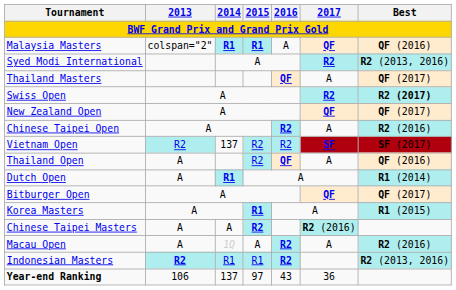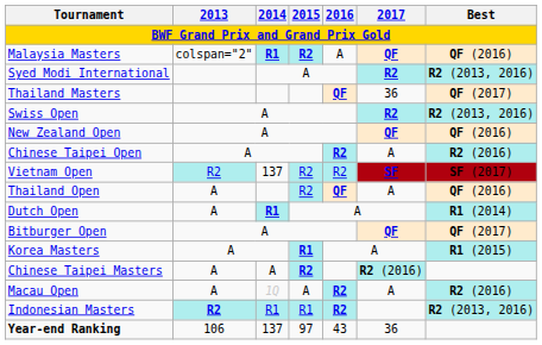 <table style='font-size: 90%; text-align:center;' class='wikitable'>
 <tr>
 <th>Tournament</th>
 <th><a href='#'>2013</a></th>
 <th><a href='#'>2014</a></th>
 <th><a href='#'>2015</a></th>
 <th><a href='#'>2016</a></th>
 <th><a href='#'>2017</a></th>
 <th>Best</th>
 </tr>
 <tr bgcolor=FFD700>
 <td colspan="7" align=center><strong><a href='#'>BWF Grand Prix and Grand Prix Gold</a></strong></td>
 </tr>
 <tr>
 <td align=left> <a href='#'>Malaysia Masters</a></td>
 <td>colspan="2" </td>
 <td bgcolor=AFEEEE><a href='#'><strong>R1</strong></a></td>
-<td bgcolor=AFEEEE><a href='#'><strong>R1</strong></a></td>
+<td bgcolor=AFEEEE><a href='#'><strong>R2</strong></a></td>
 <td>A</td>
 <td bgcolor=FFEBCD><a href='#'><strong>QF</strong></a></td>
 <td bgcolor=FFEBCD><strong>QF</strong> (2016)</td>
 </tr>
 <tr>
 <td align=left> <a href='#'>Syed Modi International</a></td>
 <td></td>
 <td colspan="3">A</td>
 <td bgcolor=AFEEEE><a href='#'><strong>R2</strong></a></td>
 <td bgcolor=AFEEEE><strong>R2</strong> (2013, 2016)</td>
 </tr>
 <tr>
 <td align=left> <a href='#'>Thailand Masters</a></td>
 <td></td>
 <td></td>
 <td></td>
 <td bgcolor=FFEBCD><a href='#'><strong>QF</strong></a></td>
-<td>A</td>
+<td align=center>36</td>
 <td bgcolor=FFEBCD><strong>QF</strong> (2017)</td>
 </tr>
 <tr>
 <td align=left> <a href='#'>Swiss Open</a></td>
 <td colspan="4">A</td>
 <td bgcolor=AFEEEE><a href='#'><strong>R2</strong></a></td>
-<td bgcolor=AFEEEE><strong>R2 (2017)</strong></td>
+<td bgcolor=AFEEEE><strong>R2</strong> (2013, 2016)</td>
 </tr>
 <tr>
 <td align=left> <a href='#'>New Zealand Open</a></td>
 <td colspan="4">A</td>
 <td bgcolor=FFEBCD><a href='#'><strong>QF</strong></a></td>
-<td bgcolor=FFEBCD><strong>QF</strong> (2017)</td>
+<td bgcolor=FFEBCD><strong>QF</strong> (2016)</td>
 </tr>
 <tr>
 <td align=left> <a href='#'>Chinese Taipei Open</a></td>
 <td colspan="3">A</td>
 <td bgcolor=AFEEEE><a href='#'><strong>R2</strong></a></td>
 <td>A</td>
 <td bgcolor=AFEEEE><strong>R2</strong> (2016)</td>
 </tr>
 <tr>
 <td align=left> <a href='#'>Vietnam Open</a></td>
 <td bgcolor=AFEEEE><a href='#'>R2</a></td>
 <td align=center>137</td>
 <td bgcolor=AFEEEE><a href='#'>R2</a></td>
 <td bgcolor=AFEEEE><a href='#'>R2</a></td>
 <td bgcolor=bronze><a href='#'><strong>SF</strong></a></td>
 <td bgcolor=bronze><strong>SF</strong> (2017)</td>
 </tr>
 <tr>
 <td align=left> <a href='#'>Thailand Open</a></td>
 <td>A</td>
 <td></td>
 <td bgcolor=AFEEEE><a href='#'>R2</a></td>
 <td bgcolor=FFEBCD><a href='#'><strong>QF</strong></a></td>
 <td>A</td>
 <td bgcolor=FFEBCD><strong>QF</strong> (2016)</td>
 </tr>
 <tr>
 <td align=left> <a href='#'>Dutch Open</a></td>
 <td>A</td>
 <td bgcolor=AFEEEE><a href='#'><strong>R1</strong></a></td>
 <td colspan="3">A</td>
 <td bgcolor=AFEEEE><strong>R1</strong> (2014)</td>
 </tr>
 <tr>
 <td align=left> <a href='#'>Bitburger Open</a></td>
 <td colspan="4">A</td>
 <td bgcolor=FFEBCD><a href='#'><strong>QF</strong></a></td>
 <td bgcolor=FFEBCD><strong>QF</strong> (2017)</td>
 </tr>
 <tr>
 <td align=left> <a href='#'>Korea Masters</a></td>
 <td colspan="2">A</td>
 <td bgcolor=AFEEEE><a href='#'><strong>R1</strong></a></td>
 <td colspan="2">A</td>
 <td bgcolor=AFEEEE><strong>R1</strong> (2015)</td>
 </tr>
 <tr>
 <td align=left> <a href='#'>Chinese Taipei Masters</a></td>
 <td>A</td>
 <td>A</td>
 <td bgcolor=AFEEEE><a href='#'><strong>R2</strong></a></td>
 <td></td>
 <td bgcolor=AFEEEE><strong>R2</strong> (2016)</td>
 </tr>
 <tr>
 <td align=left> <a href='#'>Macau Open</a></td>
 <td>A</td>
 <td style="color:#ccc"><em>1Q</em></td>
 <td>A</td>
 <td bgcolor=AFEEEE><a href='#'><strong>R2</strong></a></td>
 <td>A</td>
 <td bgcolor=AFEEEE><strong>R2</strong> (2016)</td>
 </tr>
 <tr>
 <td align=left> <a href='#'>Indonesian Masters</a></td>
 <td bgcolor=AFEEEE><a href='#'><strong>R2</strong></a></td>
 <td bgcolor=AFEEEE><a href='#'>R1</a></td>
 <td bgcolor=AFEEEE><a href='#'>R1</a></td>
 <td bgcolor=AFEEEE><a href='#'><strong>R2</strong></a></td>
 <td></td>
 <td bgcolor=AFEEEE><strong>R2</strong> (2013, 2016)</td>
 </tr>
 <tr>
 <td align=left><strong>Year-end Ranking</strong></td>
 <td align=center>106</td>
 <td align=center>137</td>
 <td align=center>97</td>
 <td align=center>43</td>
 <td align=center>36</td>
 <td></td>
 </tr>
 </table>
